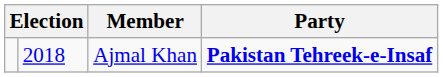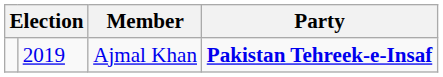 <table class="wikitable">
 <tr>
 <th colspan="2">Election</th>
 <th>Member</th>
 <th>Party</th>
 </tr>
 <tr>
 <td style="background-color: "></td>
-<td><a href='#'>2018</a></td>
+<td><a href='#'>2019</a></td>
 <td><a href='#'>Ajmal Khan</a></td>
 <td><strong><a href='#'>Pakistan Tehreek-e-Insaf</a></strong></td>
 </tr>
 </table>
